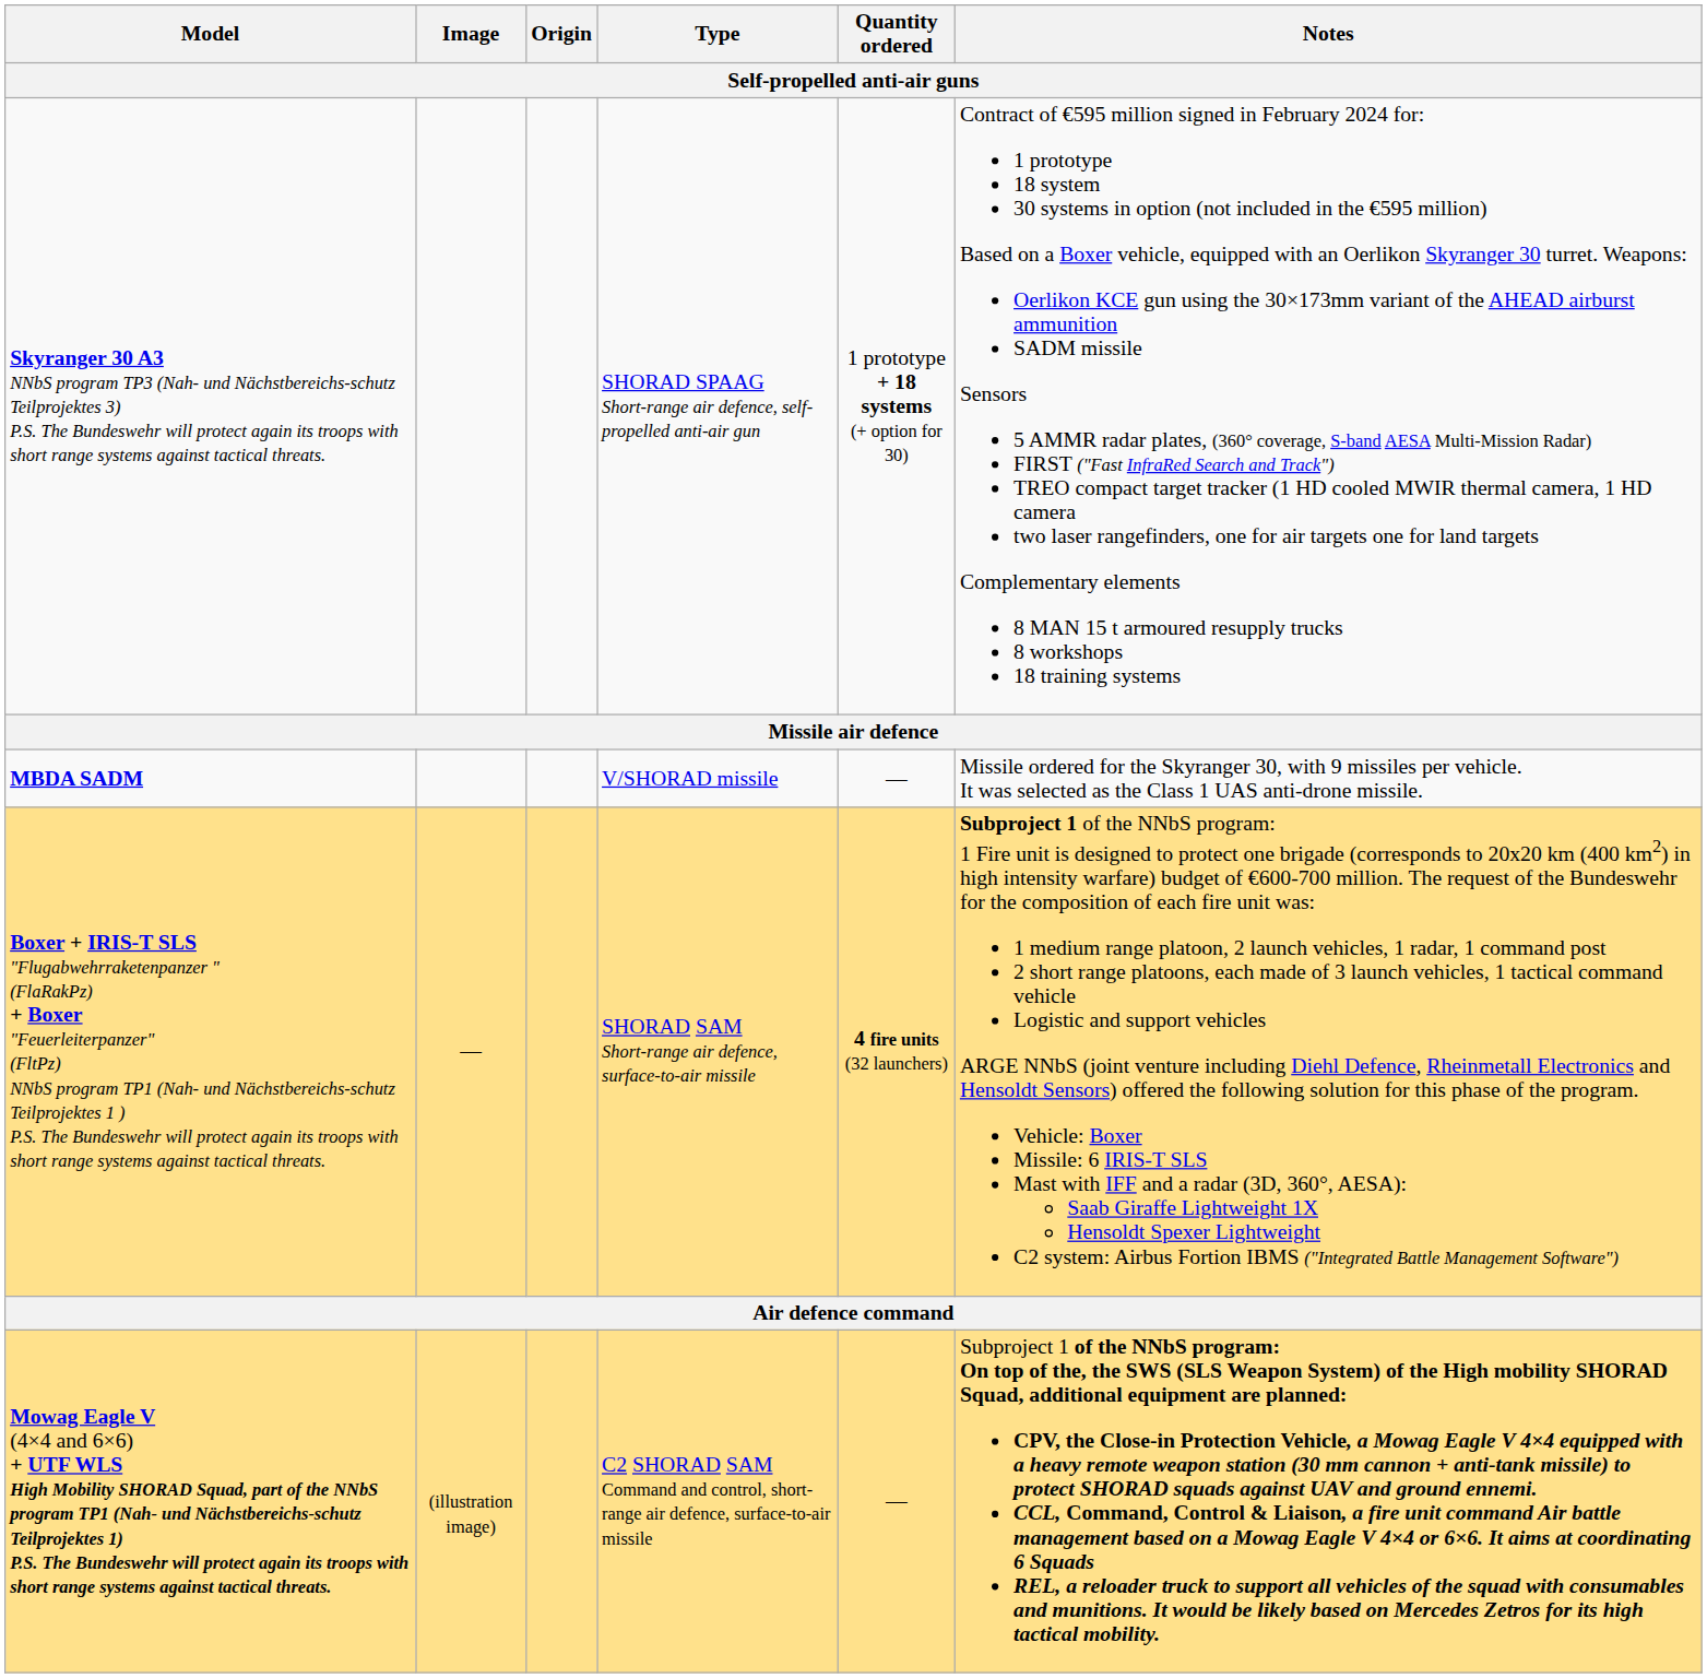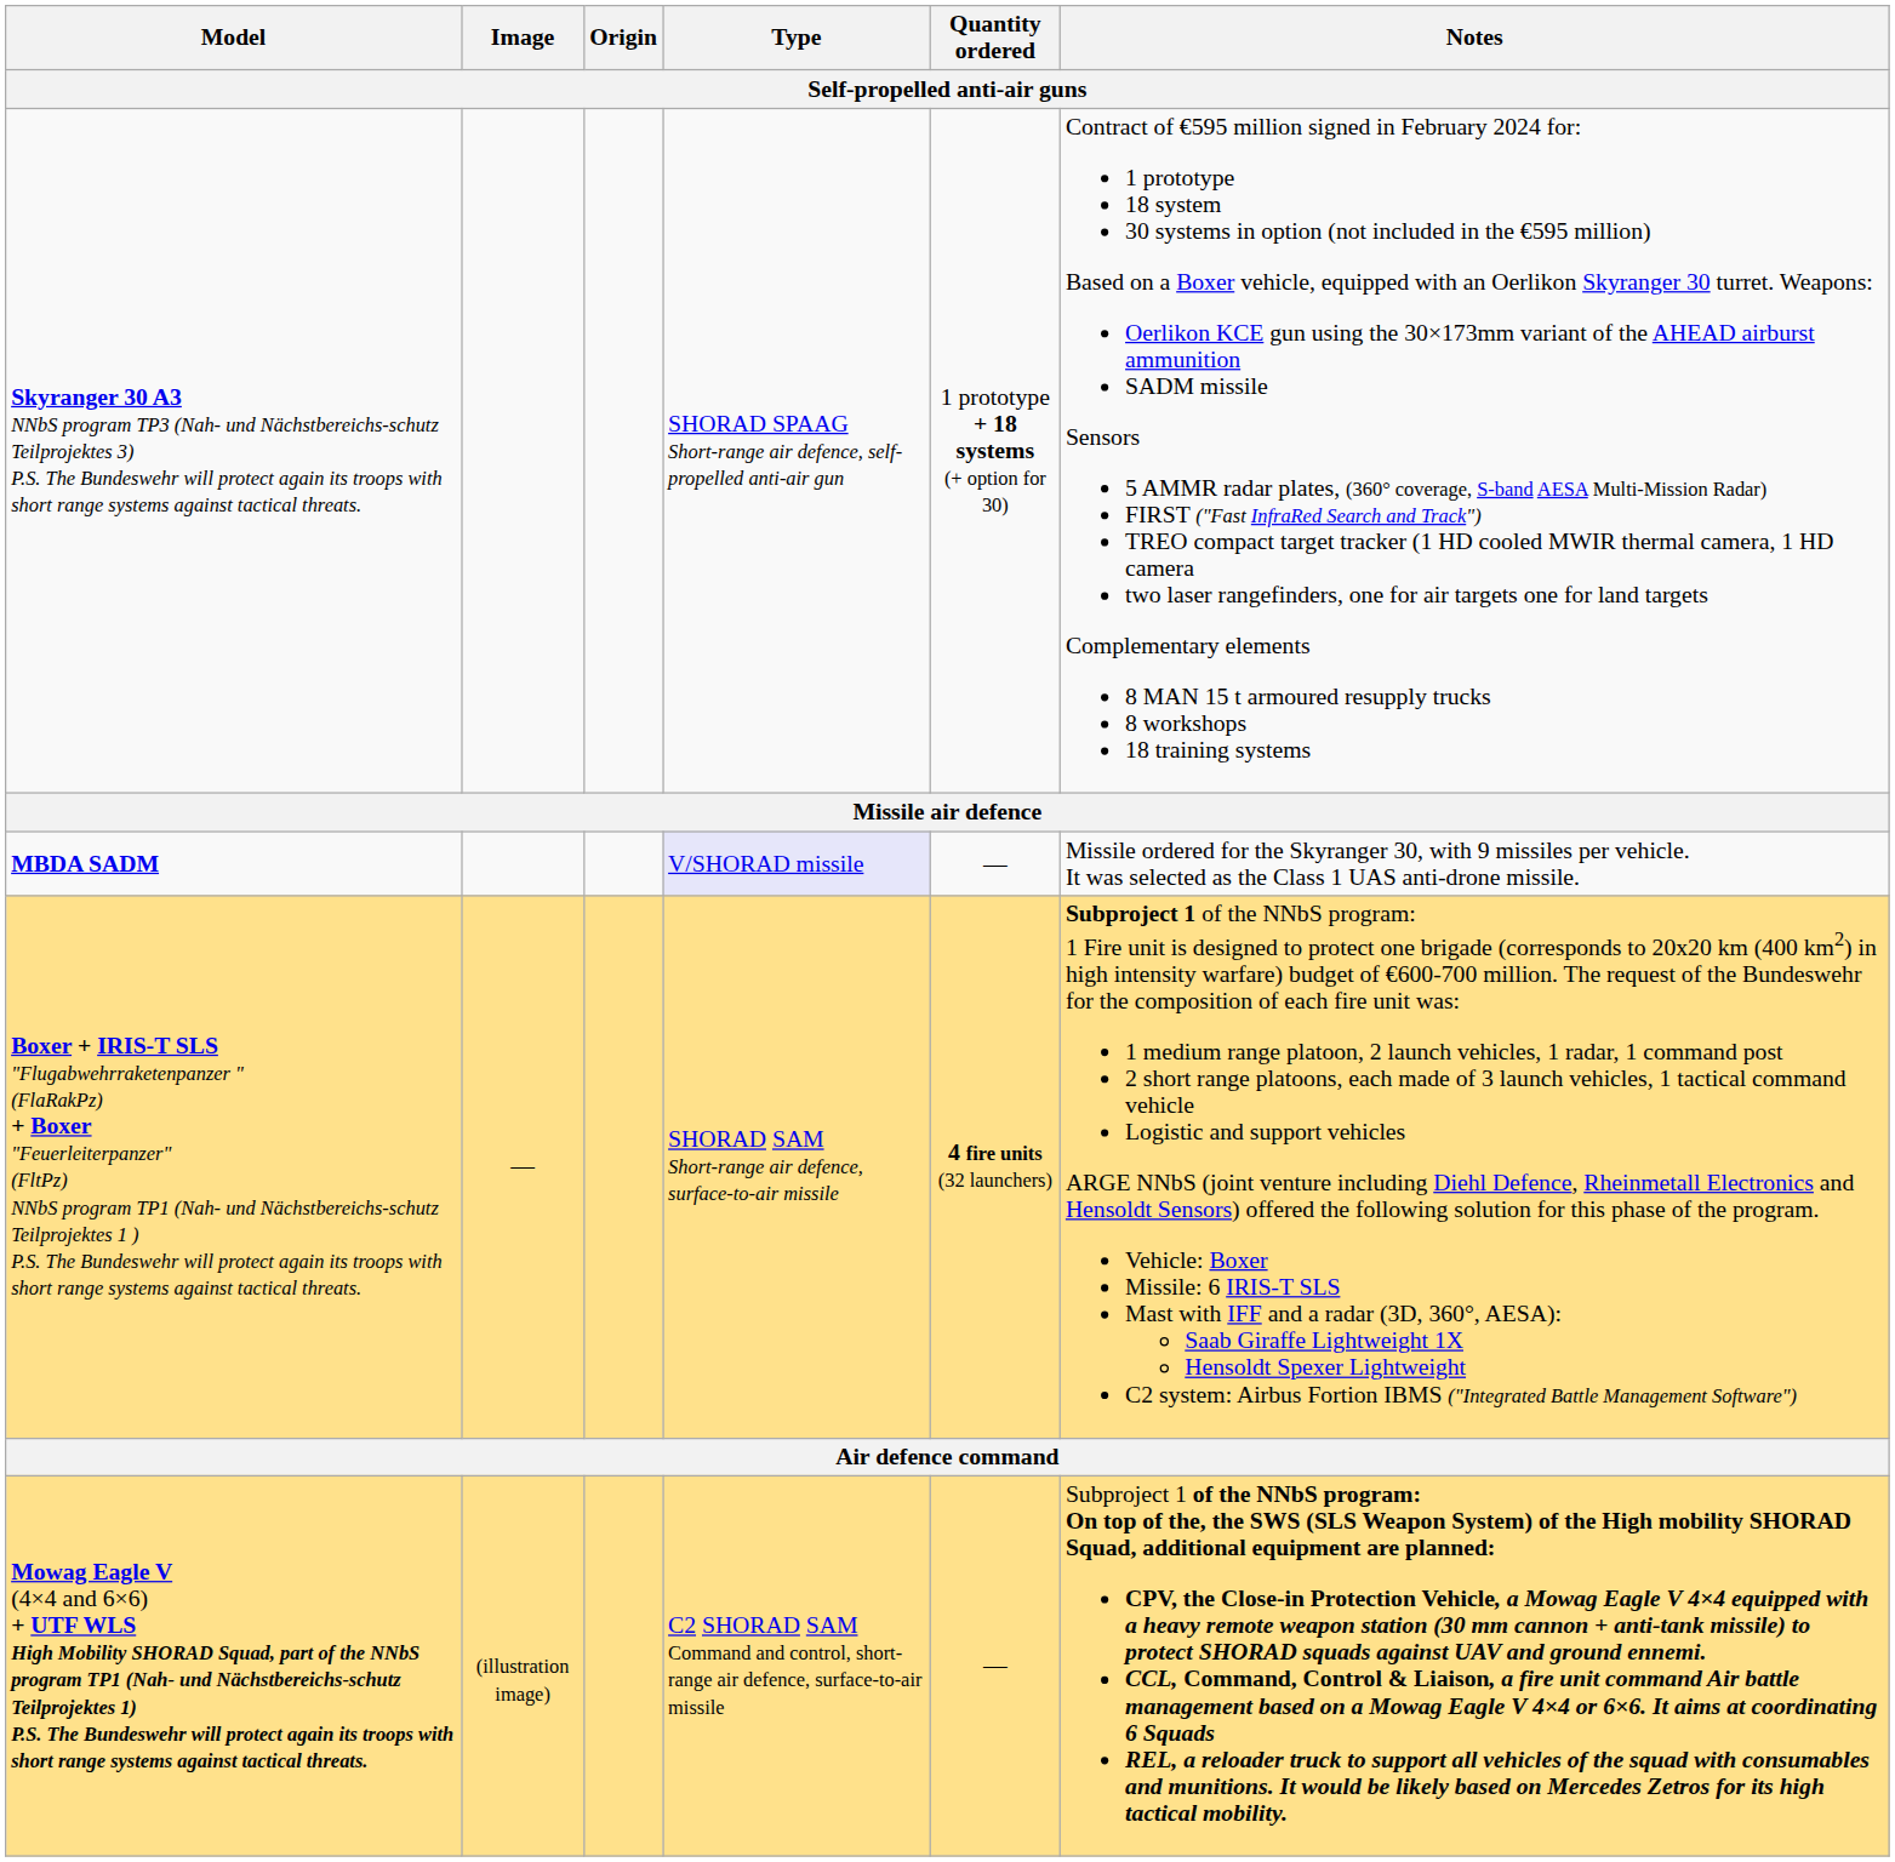 <table class="wikitable" style="width:100%;">
 <tr>
 <th>Model</th>
 <th>Image</th>
 <th>Origin</th>
 <th>Type</th>
 <th>Quantity ordered</th>
 <th>Notes</th>
 </tr>
 <tr>
 <th colspan="6">Self-propelled anti-air guns</th>
 </tr>
 <tr>
 <td><strong><a href='#'>Skyranger 30 A3</a></strong><br><em><small>NNbS program TP3 (Nah- und Nächstbereichs-schutz Teilprojektes 3)</small></em><br><em><small>P.S. The Bundeswehr will protect again its troops with short range systems against tactical threats.</small></em></td>
 <td><strong></strong></td>
 <td><small></small><br><small></small></td>
 <td><a href='#'>SHORAD SPAAG</a><br><em><small>Short-range air defence, self-propelled anti-air gun</small></em></td>
 <td style="text-align: center">1 prototype<br><strong>+ 18 systems</strong><br><small>(+ option for 30)</small></td>
 <td>Contract of €595 million signed in February 2024 for:<br><ul><li>1 prototype</li><li>18 system</li><li>30 systems in option (not included in the €595 million)</li></ul>Based on a <a href='#'>Boxer</a> vehicle, equipped with an Oerlikon <a href='#'>Skyranger 30</a> turret. Weapons:<ul><li><a href='#'>Oerlikon KCE</a> gun using the 30×173mm variant of the <a href='#'>AHEAD airburst ammunition</a></li><li>SADM missile</li></ul>Sensors<ul><li>5 AMMR radar plates, <small>(360° coverage, <a href='#'>S-band</a> <a href='#'>AESA</a> Multi-Mission Radar)</small></li><li>FIRST <em><small>("Fast <a href='#'>InfraRed Search and Track</a>")</small></em></li><li>TREO compact target tracker (1 HD cooled MWIR thermal camera, 1 HD camera</li><li>two laser rangefinders, one for air targets one for land targets</li></ul>Complementary elements<ul><li>8 MAN 15 t armoured resupply trucks</li><li>8 workshops</li><li>18 training systems</li></ul></td>
 </tr>
 <tr>
 <th colspan="6">Missile air defence</th>
 </tr>
 <tr>
 <td><a href='#'><strong>MBDA SADM</strong></a></td>
 <td></td>
 <td><small></small></td>
-<td><a href='#'>V/SHORAD missile</a></td>
+<td style="background: lavender;"><a href='#'>V/SHORAD missile</a></td>
 <td style="text-align: center">—</td>
 <td>Missile ordered for the Skyranger 30, with 9 missiles per vehicle.<br>It was selected as the Class 1 UAS anti-drone missile.</td>
 </tr>
 <tr>
 <td style="background: #FFE18B;"><strong><a href='#'>Boxer</a> + <a href='#'>IRIS-T SLS</a></strong><br><em><small>"Flugabwehrraketenpanzer "</small></em><br><em><small>(FlaRakPz)</small></em><br><strong>+ <a href='#'>Boxer</a></strong><br><em><small>"Feuerleiterpanzer"</small></em><br><em><small>(FltPz)</small></em><br><em><small>NNbS program TP1 (Nah- und Nächstbereichs-schutz Teilprojektes 1 )</small></em><br><em><small>P.S. The Bundeswehr will protect again its troops with short range systems against tactical threats.</small></em></td>
 <td style="background: #FFE18B;text-align: center">—</td>
 <td style="background: #FFE18B;"><small></small></td>
 <td style="background: #FFE18B;"><a href='#'>SHORAD</a> <a href='#'>SAM</a><br><em><small>Short-range air defence, surface-to-air missile</small></em></td>
 <td style="background: #FFE18B;text-align: center"><strong>4 <small>fire units</small></strong><br><small>(32 launchers)</small></td>
 <td style="background: #FFE18B;"><strong>Subproject 1</strong> of the NNbS program:<br>1 Fire unit is designed to protect one brigade (corresponds to 20x20 km (400 km<sup>2</sup>) in high intensity warfare) budget of  €600-700 million. The request of the Bundeswehr for the composition of each fire unit was:<ul><li>1 medium range platoon, 2 launch vehicles, 1 radar, 1 command post</li><li>2 short range platoons, each made of 3 launch vehicles, 1 tactical command vehicle</li><li>Logistic and support vehicles</li></ul>ARGE NNbS (joint venture including <a href='#'>Diehl Defence</a>, <a href='#'>Rheinmetall Electronics</a> and <a href='#'>Hensoldt Sensors</a>) offered the following solution for this phase of the program.<ul><li>Vehicle: <a href='#'>Boxer</a></li><li>Missile: 6 <a href='#'>IRIS-T SLS</a></li><li>Mast with <a href='#'>IFF</a> and a radar (3D, 360°, AESA):<ul><li><a href='#'>Saab Giraffe Lightweight 1X</a></li><li><a href='#'>Hensoldt Spexer Lightweight</a></li></ul></li><li>C2 system: Airbus Fortion IBMS <em><small>("Integrated Battle Management Software")</small></em></li></ul></td>
 </tr>
 <tr>
 <th colspan="6">Air defence command</th>
 </tr>
 <tr>
 <td style="background: #FFE18B"><a href='#'><strong>Mowag Eagle V</strong></a><br>(4×4 and 6×6)<br><strong>+ <a href='#'>UTF WLS</a></strong><br><strong><em><small>High Mobility SHORAD Squad</small><strong><small>, part of the NNbS program TP1 (Nah- und Nächstbereichs-schutz Teilprojektes 1)</small><em><br></em><small>P.S. The Bundeswehr will protect again its troops with short range systems against tactical threats.</small><em></td>
 <td style="background: #FFE18B;text-align: center"><br><small></em>(illustration image)<em></small></td>
 <td style="background: #FFE18B;"><small></small><br><small></small></td>
 <td style="background: #FFE18B;"><a href='#'>C2</a> <a href='#'>SHORAD</a> <a href='#'>SAM</a><br></em><small>Command and control, short-range air defence, surface-to-air missile</small><em></td>
 <td style="background: #FFE18B;text-align: center">—</td>
 <td style="background: #FFE18B;"></strong>Subproject 1<strong> of the NNbS program:<br>On top of the, the SWS (SLS Weapon System) of the High mobility SHORAD Squad, additional equipment are planned:<ul><li>CPV, the </em>Close-in Protection Vehicle<em>, a Mowag Eagle V 4×4 equipped with a heavy remote weapon station (30 mm cannon + anti-tank missile) to protect SHORAD squads against UAV and ground ennemi.</li><li>CCL, </em>Command, Control & Liaison<em>, a fire unit command Air battle management based on a Mowag Eagle V 4×4 or 6×6. It aims at coordinating 6 Squads</li><li>REL, a reloader truck to support all vehicles of the squad with consumables and munitions. It would be likely based on Mercedes Zetros for its high tactical mobility.</li></ul></td>
 </tr>
 </table>
